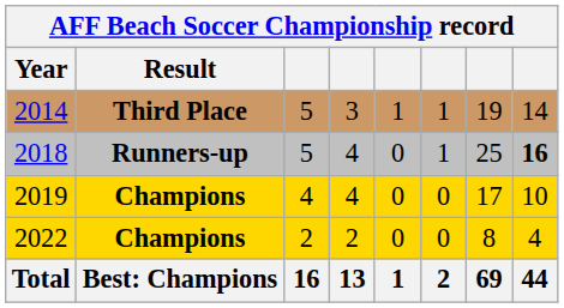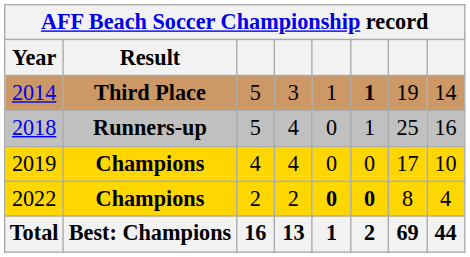 <table class="wikitable" style="text-align: center;">
 <tr>
 <th colspan="8"><a href='#'>AFF Beach Soccer Championship</a> record</th>
 </tr>
 <tr>
 <th>Year</th>
 <th>Result</th>
 <th width=20></th>
 <th width=20></th>
 <th width=20></th>
 <th width=20></th>
 <th width=20></th>
 <th width=20></th>
 </tr>
 <tr bgcolor=#cc9966>
 <td> <a href='#'>2014</a></td>
 <td><strong>Third Place</strong></td>
 <td>5</td>
 <td>3</td>
 <td>1</td>
-<td>1</td>
+<td><strong>1</strong></td>
 <td>19</td>
 <td>14</td>
 </tr>
 <tr bgcolor="silver">
 <td> <a href='#'>2018</a></td>
 <td><strong>Runners-up</strong></td>
 <td>5</td>
 <td>4</td>
 <td>0</td>
 <td>1</td>
 <td>25</td>
-<td><strong>16</strong></td>
+<td>16</td>
 </tr>
 <tr bgcolor="gold">
 <td> 2019</td>
 <td><strong>Champions</strong></td>
 <td>4</td>
 <td>4</td>
 <td>0</td>
 <td>0</td>
 <td>17</td>
 <td>10</td>
 </tr>
 <tr bgcolor="gold">
 <td> 2022</td>
 <td><strong>Champions</strong></td>
 <td>2</td>
 <td>2</td>
-<td>0</td>
-<td>0</td>
+<td><strong>0</strong></td>
+<td><strong>0</strong></td>
 <td>8</td>
 <td>4</td>
 </tr>
 <tr>
 <th>Total</th>
 <th>Best: <strong>Champions</strong></th>
 <th>16</th>
 <th>13</th>
 <th>1</th>
 <th>2</th>
 <th>69</th>
 <th>44</th>
 </tr>
 </table>
